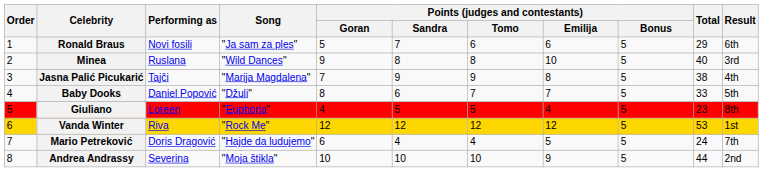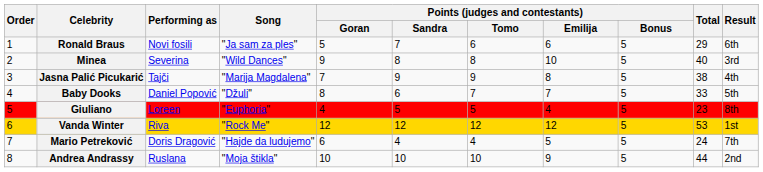 <table class=wikitable>
 <tr>
 <th rowspan="2">Order</th>
 <th rowspan="2">Celebrity</th>
 <th rowspan="2">Performing as</th>
 <th rowspan="2">Song</th>
 <th colspan="5" style="width:50%;">Points (judges and contestants)</th>
 <th rowspan="2">Total</th>
 <th rowspan="2">Result</th>
 </tr>
 <tr>
 <th style="width:10%;">Goran</th>
 <th style="width:10%;">Sandra</th>
 <th style="width:10%;">Tomo</th>
 <th style="width:10%;">Emilija</th>
 <th style="width:10%;">Bonus</th>
 </tr>
 <tr>
 <td>1</td>
 <th scope="row">Ronald Braus</th>
 <td><a href='#'>Novi fosili</a></td>
 <td>"<a href='#'>Ja sam za ples</a>"</td>
 <td>5</td>
 <td>7</td>
 <td>6</td>
 <td>6</td>
 <td>5</td>
 <td>29</td>
 <td>6th</td>
 </tr>
 <tr>
 <td>2</td>
 <th scope="row">Minea</th>
-<td><a href='#'>Ruslana</a></td>
+<td><a href='#'>Severina</a></td>
 <td>"<a href='#'>Wild Dances</a>"</td>
 <td>9</td>
 <td>8</td>
 <td>8</td>
 <td>10</td>
 <td>5</td>
 <td>40</td>
 <td>3rd</td>
 </tr>
 <tr>
 <td>3</td>
 <th scope="row">Jasna Palić Picukarić</th>
 <td><a href='#'>Tajči</a></td>
 <td>"<a href='#'>Marija Magdalena</a>"</td>
 <td>7</td>
 <td>9</td>
 <td>9</td>
 <td>8</td>
 <td>5</td>
 <td>38</td>
 <td>4th</td>
 </tr>
 <tr>
 <td>4</td>
 <th scope="row">Baby Dooks</th>
 <td><a href='#'>Daniel Popović</a></td>
 <td>"<a href='#'>Džuli</a>"</td>
 <td>8</td>
 <td>6</td>
 <td>7</td>
 <td>7</td>
 <td>5</td>
 <td>33</td>
 <td>5th</td>
 </tr>
 <tr bgcolor="red">
 <td>5</td>
 <th scope="row">Giuliano</th>
 <td><a href='#'>Loreen</a></td>
 <td>"<a href='#'>Euphoria</a>"</td>
 <td>4</td>
 <td>5</td>
 <td>5</td>
 <td>4</td>
 <td>5</td>
 <td>23</td>
 <td>8th</td>
 </tr>
 <tr bgcolor="gold">
 <td>6</td>
 <th scope="row">Vanda Winter</th>
 <td><a href='#'>Riva</a></td>
 <td>"<a href='#'>Rock Me</a>"</td>
 <td>12</td>
 <td>12</td>
 <td>12</td>
 <td>12</td>
 <td>5</td>
 <td>53</td>
 <td>1st</td>
 </tr>
 <tr>
 <td>7</td>
 <th scope="row">Mario Petreković</th>
 <td><a href='#'>Doris Dragović</a></td>
 <td>"<a href='#'>Hajde da ludujemo</a>"</td>
 <td>6</td>
 <td>4</td>
 <td>4</td>
 <td>5</td>
 <td>5</td>
 <td>24</td>
 <td>7th</td>
 </tr>
 <tr>
 <td>8</td>
 <th scope="row">Andrea Andrassy</th>
-<td><a href='#'>Severina</a></td>
+<td><a href='#'>Ruslana</a></td>
 <td>"<a href='#'>Moja štikla</a>"</td>
 <td>10</td>
 <td>10</td>
 <td>10</td>
 <td>9</td>
 <td>5</td>
 <td>44</td>
 <td>2nd</td>
 </tr>
 </table>
